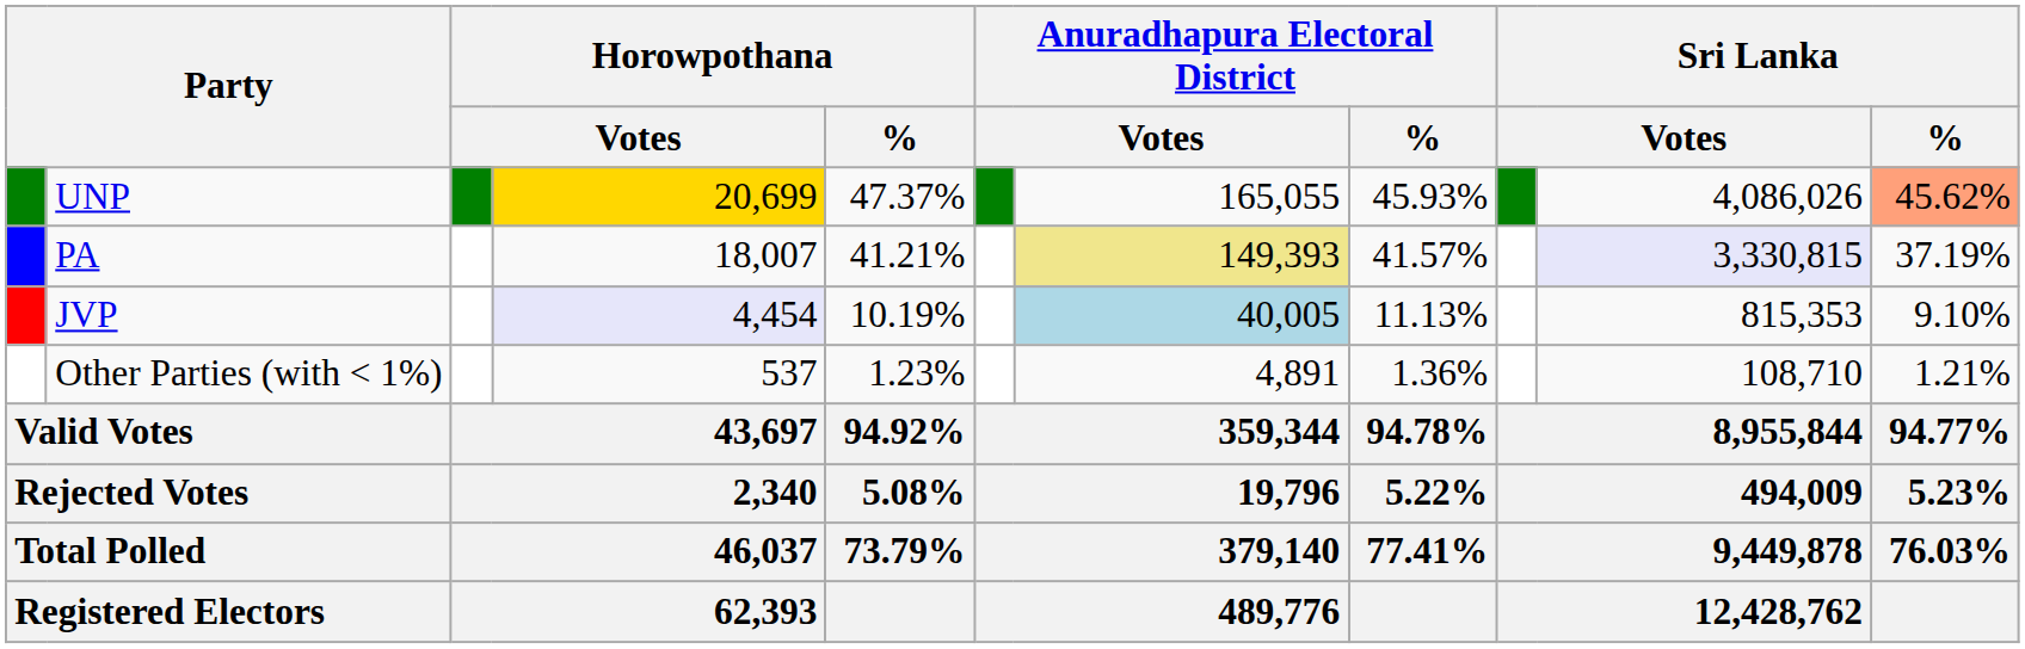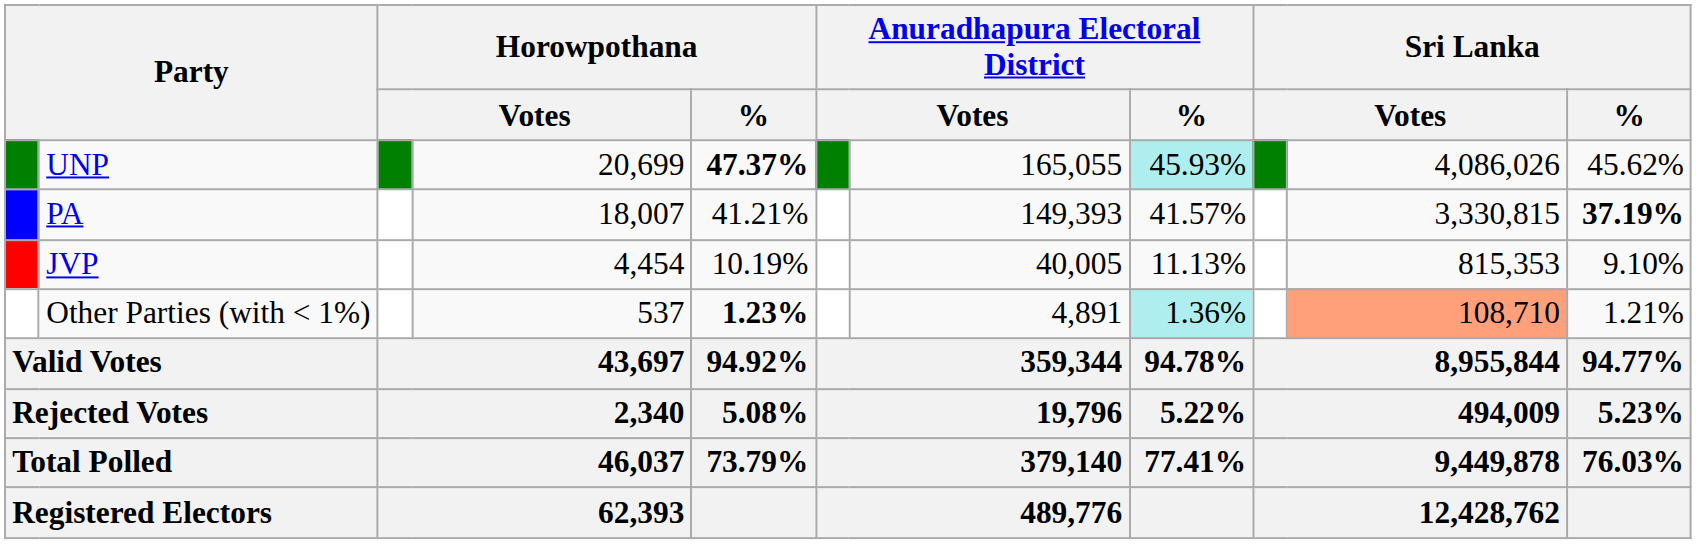 <table class="wikitable">
 <tr>
 <th colspan="2" width="144px"rowspan="2">Party</th>
 <th colspan="3" width="216px">Horowpothana</th>
 <th colspan="3" width="216px"><a href='#'>Anuradhapura Electoral District</a></th>
 <th colspan="3" width="216px">Sri Lanka</th>
 </tr>
 <tr>
 <th colspan="2" width="144px">Votes</th>
 <th>%</th>
 <th colspan="2" width="144px">Votes</th>
 <th>%</th>
 <th colspan="2" width="144px">Votes</th>
 <th>%</th>
 </tr>
 <tr>
 <td style="background-color:green;" width="10px"></td>
 <td style="text-align:left;"><a href='#'>UNP</a></td>
 <td style="background-color:green;" width="10px"></td>
-<td style="background: gold; text-align:right;">20,699</td>
-<td style="text-align:right;">47.37%</td>
+<td style="text-align:right;">20,699</td>
+<td style="text-align:right;"><strong>47.37%</strong></td>
 <td style="background-color:green;" width="10px"></td>
 <td style="text-align:right;">165,055</td>
-<td style="text-align:right;">45.93%</td>
+<td style="background: paleturquoise; text-align:right;">45.93%</td>
 <td style="background-color:green;" width="10px"></td>
 <td style="text-align:right;">4,086,026</td>
-<td style="background: lightsalmon; text-align:right;">45.62%</td>
+<td style="text-align:right;">45.62%</td>
 </tr>
 <tr>
 <td style="background-color:blue;" width="10px"></td>
 <td style="text-align:left;"><a href='#'>PA</a></td>
 <td style="background-color:white;" width="10px"></td>
 <td style="text-align:right;">18,007</td>
 <td style="text-align:right;">41.21%</td>
 <td style="background-color:white;" width="10px"></td>
-<td style="background: khaki; text-align:right;">149,393</td>
+<td style="text-align:right;">149,393</td>
 <td style="text-align:right;">41.57%</td>
 <td style="background-color:white;" width="10px"></td>
-<td style="background: lavender; text-align:right;">3,330,815</td>
-<td style="text-align:right;">37.19%</td>
+<td style="text-align:right;">3,330,815</td>
+<td style="text-align:right;"><strong>37.19%</strong></td>
 </tr>
 <tr>
 <td style="background-color:red;" width="10px"></td>
 <td style="text-align:left;"><a href='#'>JVP</a></td>
 <td style="background-color:white;" width="10px"></td>
-<td style="background: lavender; text-align:right;">4,454</td>
+<td style="text-align:right;">4,454</td>
 <td style="text-align:right;">10.19%</td>
 <td style="background-color:white;" width="10px"></td>
-<td style="background: lightblue; text-align:right;">40,005</td>
+<td style="text-align:right;">40,005</td>
 <td style="text-align:right;">11.13%</td>
 <td style="background-color:white;" width="10px"></td>
 <td style="text-align:right;">815,353</td>
 <td style="text-align:right;">9.10%</td>
 </tr>
 <tr>
 <td style="background-color:white;" width="10px"></td>
 <td style="text-align:left;">Other Parties (with < 1%)</td>
 <td style="background-color:white;" width="10px"></td>
 <td style="text-align:right;">537</td>
-<td style="text-align:right;">1.23%</td>
+<td style="text-align:right;"><strong>1.23%</strong></td>
 <td style="background-color:white;" width="10px"></td>
 <td style="text-align:right;">4,891</td>
-<td style="text-align:right;">1.36%</td>
+<td style="background: paleturquoise; text-align:right;">1.36%</td>
 <td style="background-color:white;" width="10px"></td>
-<td style="text-align:right;">108,710</td>
+<td style="background: lightsalmon; text-align:right;">108,710</td>
 <td style="text-align:right;">1.21%</td>
 </tr>
 <tr>
 <th colspan="2" width="144px"style="text-align:left;">Valid Votes</th>
 <th style="text-align:right;"colspan="2" width="144px">43,697</th>
 <th style="text-align:right;">94.92%</th>
 <th style="text-align:right;"colspan="2" width="144px">359,344</th>
 <th style="text-align:right;">94.78%</th>
 <th style="text-align:right;"colspan="2" width="144px">8,955,844</th>
 <th style="text-align:right;">94.77%</th>
 </tr>
 <tr>
 <th colspan="2" width="144px"style="text-align:left;">Rejected Votes</th>
 <th style="text-align:right;"colspan="2" width="144px">2,340</th>
 <th style="text-align:right;">5.08%</th>
 <th style="text-align:right;"colspan="2" width="144px">19,796</th>
 <th style="text-align:right;">5.22%</th>
 <th style="text-align:right;"colspan="2" width="144px">494,009</th>
 <th style="text-align:right;">5.23%</th>
 </tr>
 <tr>
 <th colspan="2" width="144px"style="text-align:left;">Total Polled</th>
 <th style="text-align:right;"colspan="2" width="144px">46,037</th>
 <th style="text-align:right;">73.79%</th>
 <th style="text-align:right;"colspan="2" width="144px">379,140</th>
 <th style="text-align:right;">77.41%</th>
 <th style="text-align:right;"colspan="2" width="144px">9,449,878</th>
 <th style="text-align:right;">76.03%</th>
 </tr>
 <tr>
 <th colspan="2" width="144px"style="text-align:left;">Registered Electors</th>
 <th style="text-align:right;"colspan="2" width="144px">62,393</th>
 <th></th>
 <th style="text-align:right;"colspan="2" width="144px">489,776</th>
 <th></th>
 <th style="text-align:right;"colspan="2" width="144px">12,428,762</th>
 <th></th>
 </tr>
 </table>
